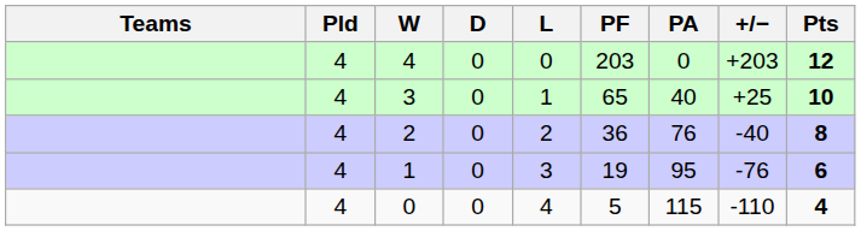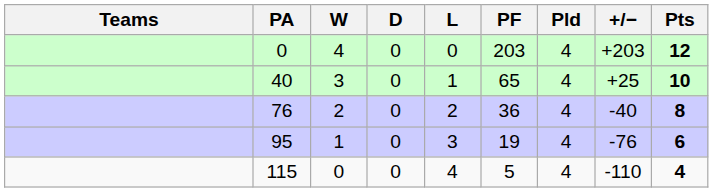 <table class="wikitable" style="text-align: center;">
 <tr>
 <th width="200">Teams</th>
-<th width="40">Pld</th>
+<th width="40">PA</th>
 <th width="40">W</th>
 <th width="40">D</th>
 <th width="40">L</th>
 <th width="40">PF</th>
-<th width="40">PA</th>
+<th width="40">Pld</th>
 <th width="40">+/−</th>
 <th width="40">Pts</th>
 </tr>
 <tr style="background:#ccffcc">
 <td align=left></td>
-<td>4</td>
+<td>0</td>
 <td>4</td>
 <td>0</td>
 <td>0</td>
 <td>203</td>
-<td>0</td>
+<td>4</td>
 <td>+203</td>
 <td><strong>12</strong></td>
 </tr>
 <tr style="background:#ccffcc">
 <td align=left></td>
-<td>4</td>
+<td>40</td>
 <td>3</td>
 <td>0</td>
 <td>1</td>
 <td>65</td>
-<td>40</td>
+<td>4</td>
 <td>+25</td>
 <td><strong>10</strong></td>
 </tr>
 <tr style="background:#ccccff">
 <td align=left></td>
-<td>4</td>
+<td>76</td>
 <td>2</td>
 <td>0</td>
 <td>2</td>
 <td>36</td>
-<td>76</td>
+<td>4</td>
 <td>-40</td>
 <td><strong>8</strong></td>
 </tr>
 <tr style="background:#ccccff">
 <td align=left></td>
-<td>4</td>
+<td>95</td>
 <td>1</td>
 <td>0</td>
 <td>3</td>
 <td>19</td>
-<td>95</td>
+<td>4</td>
 <td>-76</td>
 <td><strong>6</strong></td>
 </tr>
 <tr>
 <td align=left></td>
-<td>4</td>
+<td>115</td>
 <td>0</td>
 <td>0</td>
 <td>4</td>
 <td>5</td>
-<td>115</td>
+<td>4</td>
 <td>-110</td>
 <td><strong>4</strong></td>
 </tr>
 </table>
